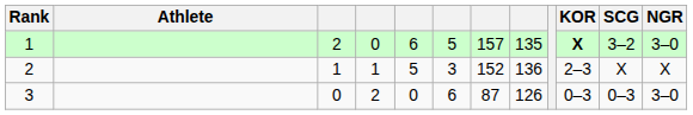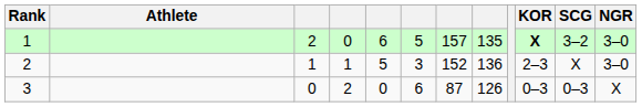 <table class="wikitable" style="text-align:center">
 <tr>
 <th>Rank</th>
 <th width=250>Athlete</th>
 <th width=30></th>
 <th width=30></th>
 <th width=30></th>
 <th width=30></th>
 <th width=30></th>
 <th width=30></th>
 <th rowspan=4></th>
 <th width=30>KOR</th>
 <th width=30>SCG</th>
 <th width=30>NGR</th>
 </tr>
 <tr bgcolor=#ccffcc>
 <td>1</td>
 <td align=left></td>
 <td>2</td>
 <td>0</td>
 <td>6</td>
 <td>5</td>
 <td>157</td>
 <td>135</td>
 <td><strong>X</strong></td>
 <td>3–2</td>
 <td>3–0</td>
 </tr>
 <tr>
 <td>2</td>
 <td align=left></td>
 <td>1</td>
 <td>1</td>
 <td>5</td>
 <td>3</td>
 <td>152</td>
 <td>136</td>
 <td>2–3</td>
 <td>X</td>
-<td>X</td>
+<td>3–0</td>
 </tr>
 <tr>
 <td>3</td>
 <td align=left></td>
 <td>0</td>
 <td>2</td>
 <td>0</td>
 <td>6</td>
 <td>87</td>
 <td>126</td>
 <td>0–3</td>
 <td>0–3</td>
-<td>3–0</td>
+<td>X</td>
 </tr>
 </table>
